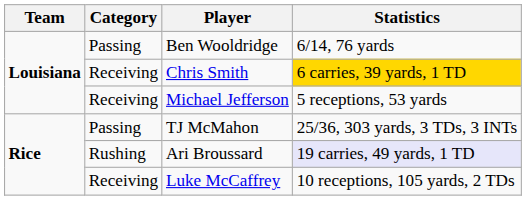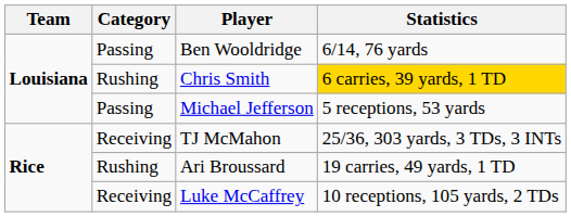 <table class="wikitable" style="float: left;">
 <tr>
 <th>Team</th>
 <th>Category</th>
 <th>Player</th>
 <th>Statistics</th>
 </tr>
 <tr>
 <td rowspan=3><strong>Louisiana</strong></td>
 <td>Passing</td>
 <td>Ben Wooldridge</td>
 <td>6/14, 76 yards</td>
 </tr>
 <tr>
-<td>Receiving</td>
+<td>Rushing</td>
 <td><a href='#'>Chris Smith</a></td>
 <td style="background: gold;">6 carries, 39 yards, 1 TD</td>
 </tr>
 <tr>
-<td>Receiving</td>
+<td>Passing</td>
 <td><a href='#'>Michael Jefferson</a></td>
 <td>5 receptions, 53 yards</td>
 </tr>
 <tr>
 <td rowspan=3><strong>Rice</strong></td>
-<td>Passing</td>
+<td>Receiving</td>
 <td>TJ McMahon</td>
 <td>25/36, 303 yards, 3 TDs, 3 INTs</td>
 </tr>
 <tr>
 <td>Rushing</td>
 <td>Ari Broussard</td>
-<td style="background: lavender;">19 carries, 49 yards, 1 TD</td>
+<td>19 carries, 49 yards, 1 TD</td>
 </tr>
 <tr>
 <td>Receiving</td>
 <td><a href='#'>Luke McCaffrey</a></td>
 <td>10 receptions, 105 yards, 2 TDs</td>
 </tr>
 </table>
